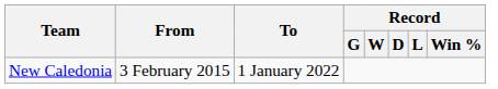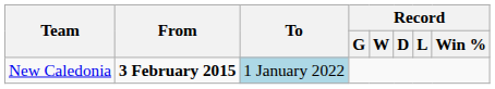 <table class="wikitable" style="text-align: center">
 <tr>
 <th rowspan="2">Team</th>
 <th rowspan="2">From</th>
 <th rowspan="2">To</th>
 <th colspan="5">Record</th>
 </tr>
 <tr>
 <th>G</th>
 <th>W</th>
 <th>D</th>
 <th>L</th>
 <th>Win %</th>
 </tr>
 <tr>
 <td align=left><a href='#'>New Caledonia</a></td>
-<td align=left>3 February 2015</td>
-<td align=left>1 January 2022<br></td>
+<td align=left><strong>3 February 2015</strong></td>
+<td align=left style="background: lightblue;">1 January 2022<br></td>
 </tr>
 </table>
